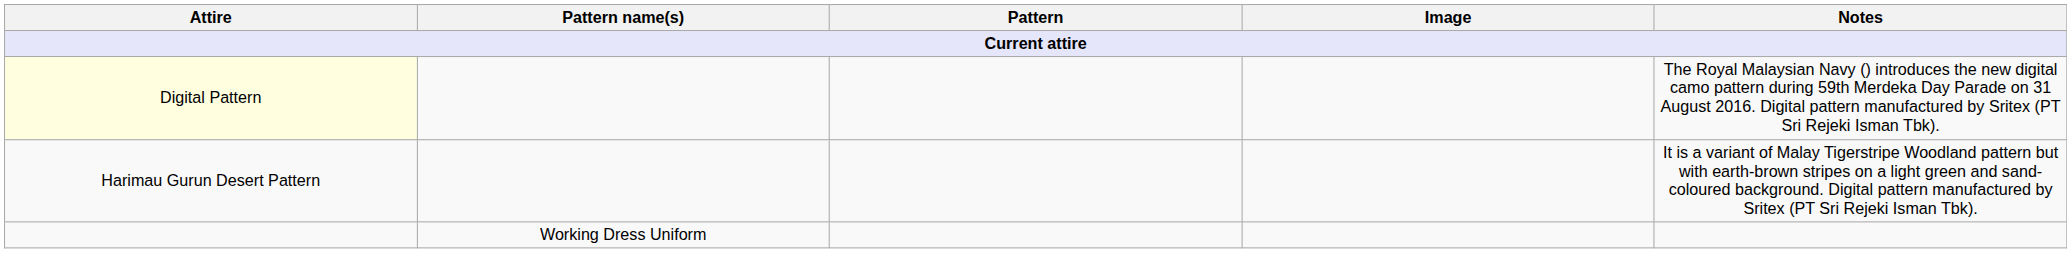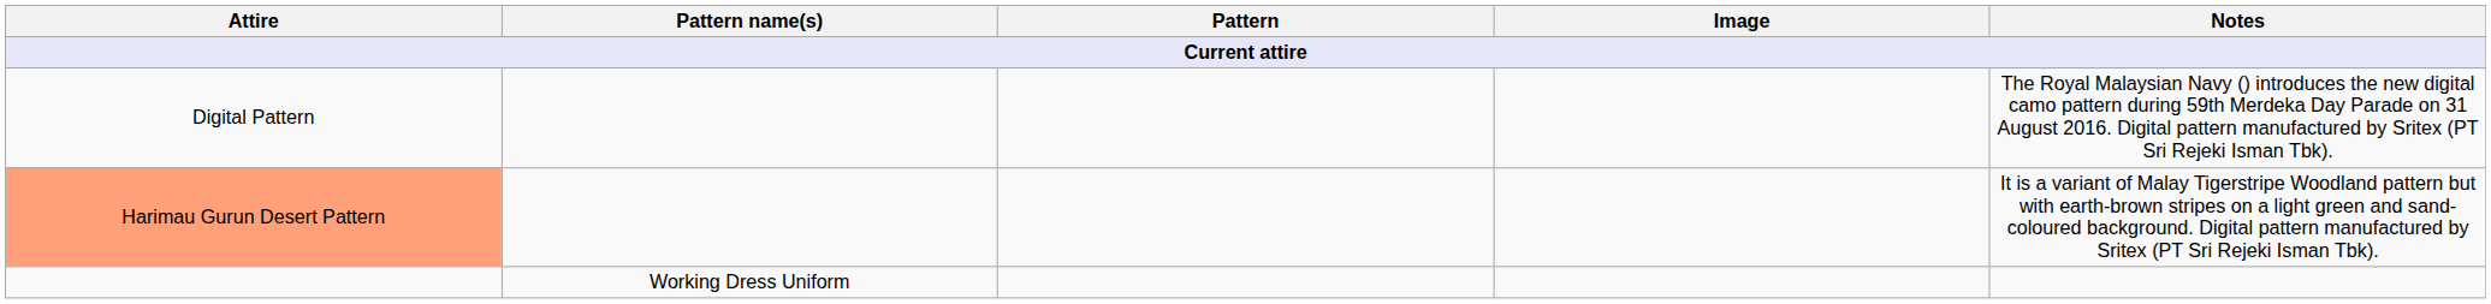 <table class="wikitable"  style="width:100%; text-align:center; font-size:97%;">
 <tr>
 <th width=20%>Attire</th>
 <th width=20%>Pattern name(s)</th>
 <th width=20%>Pattern</th>
 <th width=20%>Image</th>
 <th width=25%>Notes</th>
 </tr>
 <tr>
 <th colspan=6 style="background: lavender;">Current attire</th>
 </tr>
 <tr>
-<td style="background: lightyellow;">Digital Pattern</td>
+<td>Digital Pattern</td>
 <td></td>
 <td></td>
 <td></td>
 <td>The Royal Malaysian Navy () introduces the new digital camo pattern during 59th Merdeka Day Parade on 31 August 2016. Digital pattern manufactured by Sritex (PT Sri Rejeki Isman Tbk).</td>
 </tr>
 <tr>
-<td>Harimau Gurun Desert Pattern</td>
+<td style="background: lightsalmon;">Harimau Gurun Desert Pattern</td>
 <td></td>
 <td></td>
 <td></td>
 <td>It is a variant of Malay Tigerstripe Woodland pattern but with earth-brown stripes on a light green and sand-coloured background. Digital pattern manufactured by Sritex (PT Sri Rejeki Isman Tbk).</td>
 </tr>
 <tr>
 <td></td>
 <td>Working Dress Uniform</td>
 <td></td>
 <td></td>
 <td></td>
 </tr>
 </table>
